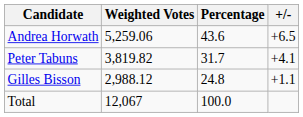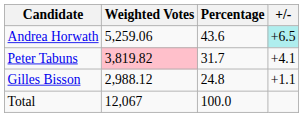 <table class="wikitable">
 <tr>
 <th>Candidate</th>
 <th>Weighted Votes</th>
 <th>Percentage</th>
 <th>+/-</th>
 </tr>
 <tr>
 <td><a href='#'>Andrea Horwath</a></td>
 <td>5,259.06</td>
 <td>43.6</td>
-<td>+6.5</td>
+<td style="background: paleturquoise;">+6.5</td>
 </tr>
 <tr>
 <td><a href='#'>Peter Tabuns</a></td>
-<td>3,819.82</td>
+<td style="background: pink;">3,819.82</td>
 <td>31.7</td>
 <td>+4.1</td>
 </tr>
 <tr>
 <td><a href='#'>Gilles Bisson</a></td>
 <td>2,988.12</td>
 <td>24.8</td>
 <td>+1.1</td>
 </tr>
 <tr>
 <td>Total</td>
 <td>12,067</td>
 <td>100.0</td>
 </tr>
 </table>
